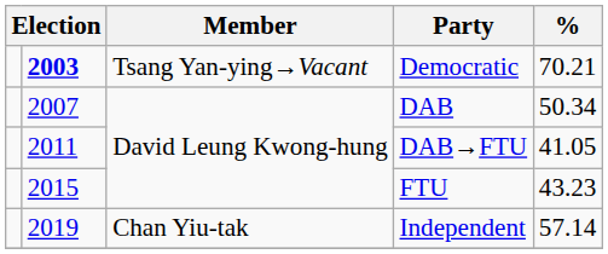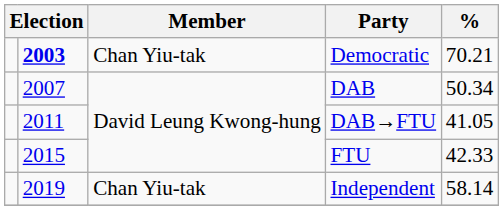 <table class="wikitable">
 <tr>
 <th colspan="2">Election</th>
 <th>Member</th>
 <th>Party</th>
 <th>%</th>
 </tr>
 <tr>
 <td style="background-color: "></td>
 <td><strong><a href='#'>2003</a></strong></td>
-<td>Tsang Yan-ying→<em>Vacant</em></td>
+<td>Chan Yiu-tak</td>
 <td><a href='#'>Democratic</a></td>
 <td>70.21</td>
 </tr>
 <tr>
 <td style="background-color: "></td>
 <td><a href='#'>2007</a></td>
 <td rowspan=3>David Leung Kwong-hung</td>
 <td><a href='#'>DAB</a></td>
 <td>50.34</td>
 </tr>
 <tr>
 <td style="background-color: "></td>
 <td><a href='#'>2011</a></td>
 <td><a href='#'>DAB</a>→<a href='#'>FTU</a></td>
 <td>41.05</td>
 </tr>
 <tr>
 <td style="background-color: "></td>
 <td><a href='#'>2015</a></td>
 <td><a href='#'>FTU</a></td>
-<td>43.23</td>
+<td>42.33</td>
 </tr>
 <tr>
 <td style="background-color: "></td>
 <td><a href='#'>2019</a></td>
 <td>Chan Yiu-tak</td>
 <td><a href='#'>Independent</a></td>
-<td>57.14</td>
+<td>58.14</td>
 </tr>
 <tr>
 </tr>
 </table>
